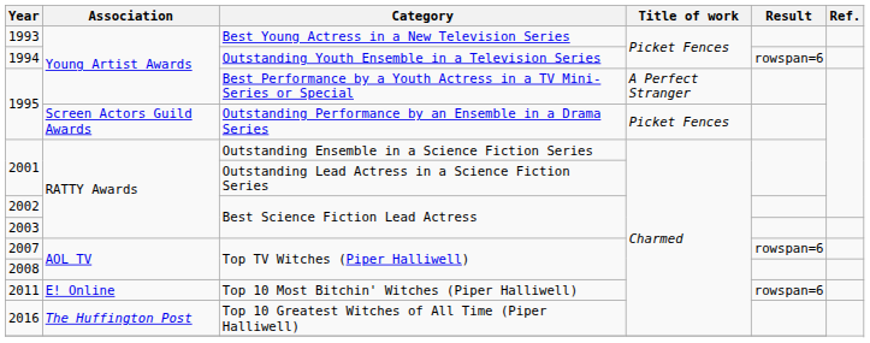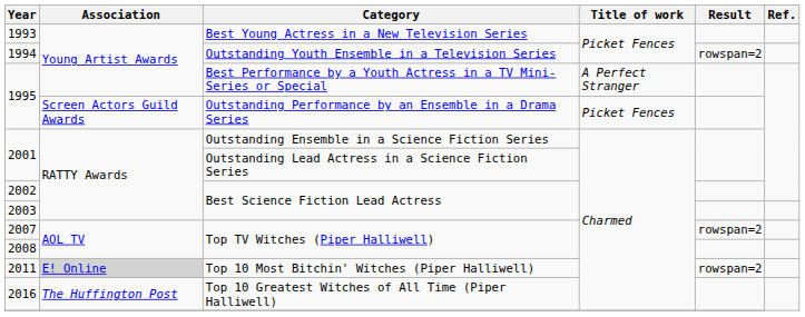 <table class="wikitable sortable">
 <tr>
 <th>Year</th>
 <th>Association</th>
 <th>Category</th>
 <th>Title of work</th>
 <th>Result</th>
 <th class="unsortable">Ref.</th>
 </tr>
 <tr>
 <td>1993</td>
 <td rowspan=3><a href='#'>Young Artist Awards</a></td>
 <td><a href='#'>Best Young Actress in a New Television Series</a></td>
 <td rowspan=2><em>Picket Fences</em></td>
 <td></td>
 <td></td>
 </tr>
 <tr>
 <td>1994</td>
 <td><a href='#'>Outstanding Youth Ensemble in a Television Series</a></td>
-<td>rowspan=6 </td>
+<td>rowspan=2 </td>
 <td></td>
 </tr>
 <tr>
 <td rowspan=2>1995</td>
 <td><a href='#'>Best Performance by a Youth Actress in a TV Mini-Series or Special</a></td>
 <td><em>A Perfect Stranger</em></td>
 <td></td>
 </tr>
 <tr>
 <td><a href='#'>Screen Actors Guild Awards</a></td>
 <td><a href='#'>Outstanding Performance by an Ensemble in a Drama Series</a></td>
 <td><em>Picket Fences</em></td>
 <td></td>
 </tr>
 <tr>
 <td rowspan=2>2001</td>
 <td rowspan=4>RATTY Awards</td>
 <td>Outstanding Ensemble in a Science Fiction Series</td>
 <td rowspan=8><em>Charmed</em></td>
 <td rowspan=2></td>
 </tr>
 <tr>
 <td>Outstanding Lead Actress in a Science Fiction Series</td>
 </tr>
 <tr>
 <td>2002</td>
 <td rowspan=2>Best Science Fiction Lead Actress</td>
 <td></td>
 </tr>
 <tr>
 <td>2003</td>
 <td></td>
 <td></td>
 </tr>
 <tr>
 <td>2007</td>
 <td rowspan=2><a href='#'>AOL TV</a></td>
 <td rowspan=2>Top TV Witches (<a href='#'>Piper Halliwell</a>)</td>
-<td>rowspan=6 </td>
+<td>rowspan=2 </td>
 <td></td>
 </tr>
 <tr>
 <td>2008</td>
 <td></td>
 </tr>
 <tr>
 <td>2011</td>
-<td><a href='#'>E! Online</a></td>
+<td style="background: lightgrey;"><a href='#'>E! Online</a></td>
 <td>Top 10 Most Bitchin' Witches (Piper Halliwell)</td>
-<td>rowspan=6 </td>
+<td>rowspan=2 </td>
 <td></td>
 </tr>
 <tr>
 <td>2016</td>
 <td><em><a href='#'>The Huffington Post</a></em></td>
 <td>Top 10 Greatest Witches of All Time (Piper Halliwell)</td>
 <td></td>
 </tr>
 <tr>
 </tr>
 </table>
